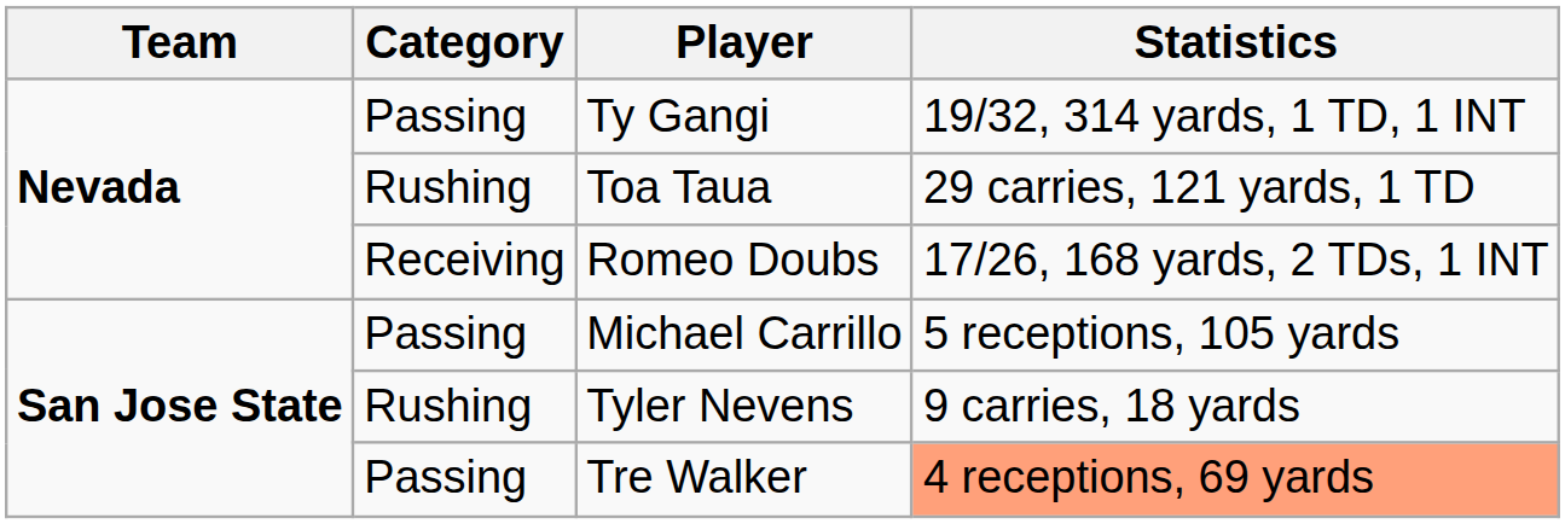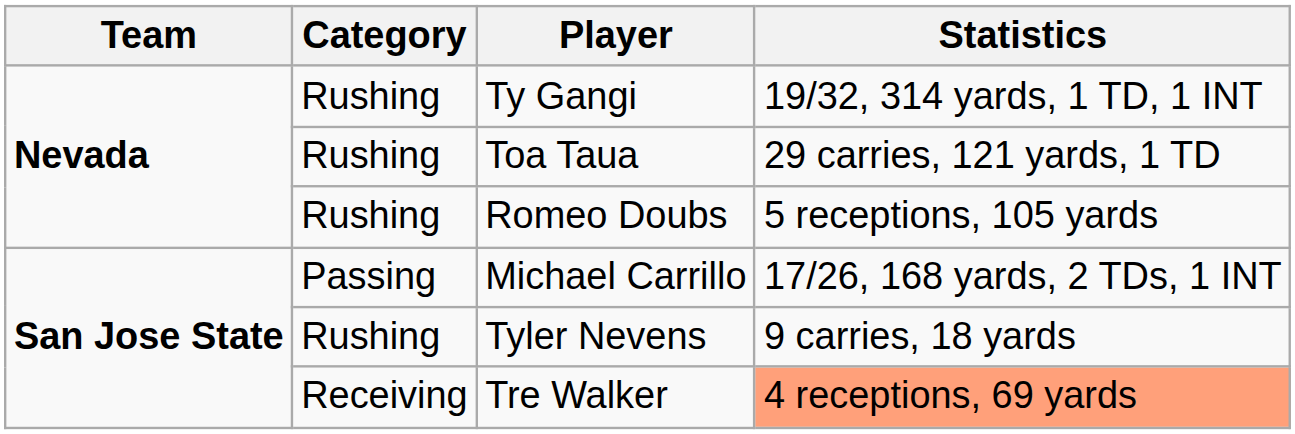 <table class="wikitable" style="float: left;">
 <tr>
 <th>Team</th>
 <th>Category</th>
 <th>Player</th>
 <th>Statistics</th>
 </tr>
 <tr>
 <td rowspan=3><strong>Nevada</strong></td>
-<td>Passing</td>
+<td>Rushing</td>
 <td>Ty Gangi</td>
 <td>19/32, 314 yards, 1 TD, 1 INT</td>
 </tr>
 <tr>
 <td>Rushing</td>
 <td>Toa Taua</td>
 <td>29 carries, 121 yards, 1 TD</td>
 </tr>
 <tr>
-<td>Receiving</td>
+<td>Rushing</td>
 <td>Romeo Doubs</td>
-<td>17/26, 168 yards, 2 TDs, 1 INT</td>
+<td>5 receptions, 105 yards</td>
 </tr>
 <tr>
 <td rowspan=3><strong>San Jose State</strong></td>
 <td>Passing</td>
 <td>Michael Carrillo</td>
-<td>5 receptions, 105 yards</td>
+<td>17/26, 168 yards, 2 TDs, 1 INT</td>
 </tr>
 <tr>
 <td>Rushing</td>
 <td>Tyler Nevens</td>
 <td>9 carries, 18 yards</td>
 </tr>
 <tr>
-<td>Passing</td>
+<td>Receiving</td>
 <td>Tre Walker</td>
 <td style="background: lightsalmon;">4 receptions, 69 yards</td>
 </tr>
 </table>
